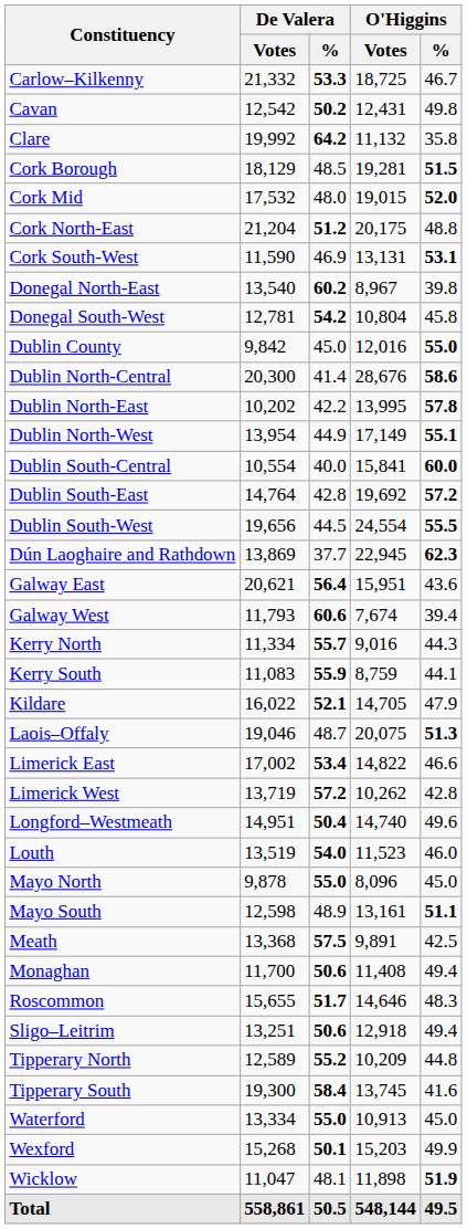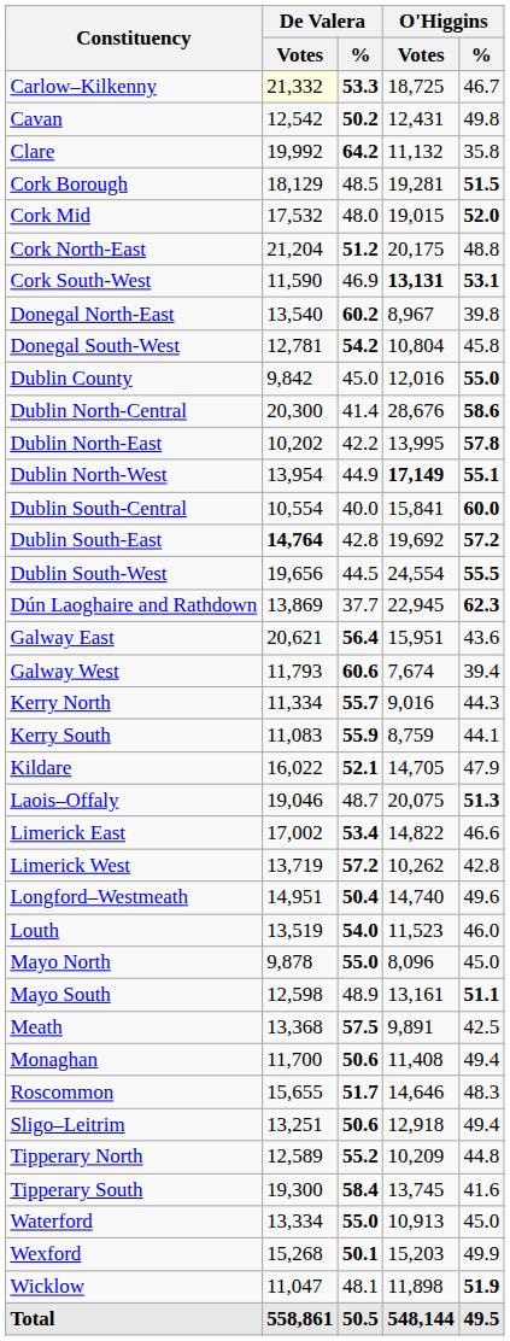 <table class="wikitable sortable">
 <tr>
 <th rowspan="2">Constituency</th>
 <th colspan="2">De Valera</th>
 <th colspan="2">O'Higgins</th>
 </tr>
 <tr>
 <th>Votes</th>
 <th>%</th>
 <th>Votes</th>
 <th>%</th>
 </tr>
 <tr>
 <td><a href='#'>Carlow–Kilkenny</a></td>
-<td>21,332</td>
+<td style="background: lightyellow;">21,332</td>
 <td><strong>53.3</strong></td>
 <td>18,725</td>
 <td>46.7</td>
 </tr>
 <tr>
 <td><a href='#'>Cavan</a></td>
 <td>12,542</td>
 <td><strong>50.2</strong></td>
 <td>12,431</td>
 <td>49.8</td>
 </tr>
 <tr>
 <td><a href='#'>Clare</a></td>
 <td>19,992</td>
 <td><strong>64.2</strong></td>
 <td>11,132</td>
 <td>35.8</td>
 </tr>
 <tr>
 <td><a href='#'>Cork Borough</a></td>
 <td>18,129</td>
 <td>48.5</td>
 <td>19,281</td>
 <td><strong>51.5</strong></td>
 </tr>
 <tr>
 <td><a href='#'>Cork Mid</a></td>
 <td>17,532</td>
 <td>48.0</td>
 <td>19,015</td>
 <td><strong>52.0</strong></td>
 </tr>
 <tr>
 <td><a href='#'>Cork North-East</a></td>
 <td>21,204</td>
 <td><strong>51.2</strong></td>
 <td>20,175</td>
 <td>48.8</td>
 </tr>
 <tr>
 <td><a href='#'>Cork South-West</a></td>
 <td>11,590</td>
 <td>46.9</td>
-<td>13,131</td>
+<td><strong>13,131</strong></td>
 <td><strong>53.1</strong></td>
 </tr>
 <tr>
 <td><a href='#'>Donegal North-East</a></td>
 <td>13,540</td>
 <td><strong>60.2</strong></td>
 <td>8,967</td>
 <td>39.8</td>
 </tr>
 <tr>
 <td><a href='#'>Donegal South-West</a></td>
 <td>12,781</td>
 <td><strong>54.2</strong></td>
 <td>10,804</td>
 <td>45.8</td>
 </tr>
 <tr>
 <td><a href='#'>Dublin County</a></td>
 <td>9,842</td>
 <td>45.0</td>
 <td>12,016</td>
 <td><strong>55.0</strong></td>
 </tr>
 <tr>
 <td><a href='#'>Dublin North-Central</a></td>
 <td>20,300</td>
 <td>41.4</td>
 <td>28,676</td>
 <td><strong>58.6</strong></td>
 </tr>
 <tr>
 <td><a href='#'>Dublin North-East</a></td>
 <td>10,202</td>
 <td>42.2</td>
 <td>13,995</td>
 <td><strong>57.8</strong></td>
 </tr>
 <tr>
 <td><a href='#'>Dublin North-West</a></td>
 <td>13,954</td>
 <td>44.9</td>
-<td>17,149</td>
+<td><strong>17,149</strong></td>
 <td><strong>55.1</strong></td>
 </tr>
 <tr>
 <td><a href='#'>Dublin South-Central</a></td>
 <td>10,554</td>
 <td>40.0</td>
 <td>15,841</td>
 <td><strong>60.0</strong></td>
 </tr>
 <tr>
 <td><a href='#'>Dublin South-East</a></td>
-<td>14,764</td>
+<td><strong>14,764</strong></td>
 <td>42.8</td>
 <td>19,692</td>
 <td><strong>57.2</strong></td>
 </tr>
 <tr>
 <td><a href='#'>Dublin South-West</a></td>
 <td>19,656</td>
 <td>44.5</td>
 <td>24,554</td>
 <td><strong>55.5</strong></td>
 </tr>
 <tr>
 <td><a href='#'>Dún Laoghaire and Rathdown</a></td>
 <td>13,869</td>
 <td>37.7</td>
 <td>22,945</td>
 <td><strong>62.3</strong></td>
 </tr>
 <tr>
 <td><a href='#'>Galway East</a></td>
 <td>20,621</td>
 <td><strong>56.4</strong></td>
 <td>15,951</td>
 <td>43.6</td>
 </tr>
 <tr>
 <td><a href='#'>Galway West</a></td>
 <td>11,793</td>
 <td><strong>60.6</strong></td>
 <td>7,674</td>
 <td>39.4</td>
 </tr>
 <tr>
 <td><a href='#'>Kerry North</a></td>
 <td>11,334</td>
 <td><strong>55.7</strong></td>
 <td>9,016</td>
 <td>44.3</td>
 </tr>
 <tr>
 <td><a href='#'>Kerry South</a></td>
 <td>11,083</td>
 <td><strong>55.9</strong></td>
 <td>8,759</td>
 <td>44.1</td>
 </tr>
 <tr>
 <td><a href='#'>Kildare</a></td>
 <td>16,022</td>
 <td><strong>52.1</strong></td>
 <td>14,705</td>
 <td>47.9</td>
 </tr>
 <tr>
 <td><a href='#'>Laois–Offaly</a></td>
 <td>19,046</td>
 <td>48.7</td>
 <td>20,075</td>
 <td><strong>51.3</strong></td>
 </tr>
 <tr>
 <td><a href='#'>Limerick East</a></td>
 <td>17,002</td>
 <td><strong>53.4</strong></td>
 <td>14,822</td>
 <td>46.6</td>
 </tr>
 <tr>
 <td><a href='#'>Limerick West</a></td>
 <td>13,719</td>
 <td><strong>57.2</strong></td>
 <td>10,262</td>
 <td>42.8</td>
 </tr>
 <tr>
 <td><a href='#'>Longford–Westmeath</a></td>
 <td>14,951</td>
 <td><strong>50.4</strong></td>
 <td>14,740</td>
 <td>49.6</td>
 </tr>
 <tr>
 <td><a href='#'>Louth</a></td>
 <td>13,519</td>
 <td><strong>54.0</strong></td>
 <td>11,523</td>
 <td>46.0</td>
 </tr>
 <tr>
 <td><a href='#'>Mayo North</a></td>
 <td>9,878</td>
 <td><strong>55.0</strong></td>
 <td>8,096</td>
 <td>45.0</td>
 </tr>
 <tr>
 <td><a href='#'>Mayo South</a></td>
 <td>12,598</td>
 <td>48.9</td>
 <td>13,161</td>
 <td><strong>51.1</strong></td>
 </tr>
 <tr>
 <td><a href='#'>Meath</a></td>
 <td>13,368</td>
 <td><strong>57.5</strong></td>
 <td>9,891</td>
 <td>42.5</td>
 </tr>
 <tr>
 <td><a href='#'>Monaghan</a></td>
 <td>11,700</td>
 <td><strong>50.6</strong></td>
 <td>11,408</td>
 <td>49.4</td>
 </tr>
 <tr>
 <td><a href='#'>Roscommon</a></td>
 <td>15,655</td>
 <td><strong>51.7</strong></td>
 <td>14,646</td>
 <td>48.3</td>
 </tr>
 <tr>
 <td><a href='#'>Sligo–Leitrim</a></td>
 <td>13,251</td>
 <td><strong>50.6</strong></td>
 <td>12,918</td>
 <td>49.4</td>
 </tr>
 <tr>
 <td><a href='#'>Tipperary North</a></td>
 <td>12,589</td>
 <td><strong>55.2</strong></td>
 <td>10,209</td>
 <td>44.8</td>
 </tr>
 <tr>
 <td><a href='#'>Tipperary South</a></td>
 <td>19,300</td>
 <td><strong>58.4</strong></td>
 <td>13,745</td>
 <td>41.6</td>
 </tr>
 <tr>
 <td><a href='#'>Waterford</a></td>
 <td>13,334</td>
 <td><strong>55.0</strong></td>
 <td>10,913</td>
 <td>45.0</td>
 </tr>
 <tr>
 <td><a href='#'>Wexford</a></td>
 <td>15,268</td>
 <td><strong>50.1</strong></td>
 <td>15,203</td>
 <td>49.9</td>
 </tr>
 <tr>
 <td><a href='#'>Wicklow</a></td>
 <td>11,047</td>
 <td>48.1</td>
 <td>11,898</td>
 <td><strong>51.9</strong></td>
 </tr>
 <tr class="sortbottom" style="font-weight:bold; background:rgb(232,232,232);">
 <td>Total</td>
 <td>558,861</td>
 <td>50.5</td>
 <td>548,144</td>
 <td>49.5</td>
 </tr>
 </table>
